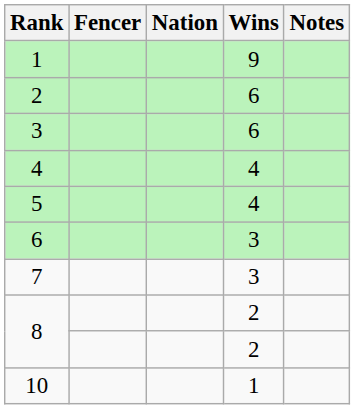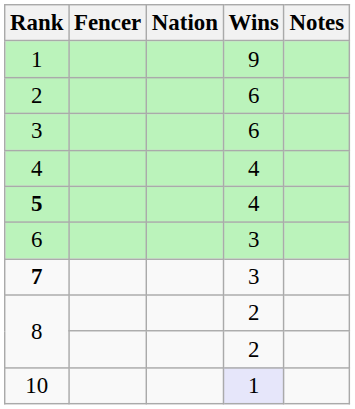 <table class="wikitable sortable" style="text-align:center">
 <tr>
 <th>Rank</th>
 <th>Fencer</th>
 <th>Nation</th>
 <th>Wins</th>
 <th>Notes</th>
 </tr>
 <tr style="background:#bbf3bb;">
 <td>1</td>
 <td align=left></td>
 <td align=left></td>
 <td>9</td>
 <td></td>
 </tr>
 <tr style="background:#bbf3bb;">
 <td>2</td>
 <td align=left></td>
 <td align=left></td>
 <td>6</td>
 <td></td>
 </tr>
 <tr style="background:#bbf3bb;">
 <td>3</td>
 <td align=left></td>
 <td align=left></td>
 <td>6</td>
 <td></td>
 </tr>
 <tr style="background:#bbf3bb;">
 <td>4</td>
 <td align=left></td>
 <td align=left></td>
 <td>4</td>
 <td></td>
 </tr>
 <tr style="background:#bbf3bb;">
-<td>5</td>
+<td><strong>5</strong></td>
 <td align=left></td>
 <td align=left></td>
 <td>4</td>
 <td></td>
 </tr>
 <tr style="background:#bbf3bb;">
 <td>6</td>
 <td align=left></td>
 <td align=left></td>
 <td>3</td>
 <td></td>
 </tr>
 <tr>
-<td>7</td>
+<td><strong>7</strong></td>
 <td align=left></td>
 <td align=left></td>
 <td>3</td>
 <td></td>
 </tr>
 <tr>
 <td rowspan=2>8</td>
 <td align=left></td>
 <td align=left></td>
 <td>2</td>
 <td></td>
 </tr>
 <tr>
 <td align=left></td>
 <td align=left></td>
 <td>2</td>
 <td></td>
 </tr>
 <tr>
 <td>10</td>
 <td align=left></td>
 <td align=left></td>
-<td>1</td>
+<td style="background: lavender;">1</td>
 <td></td>
 </tr>
 </table>
